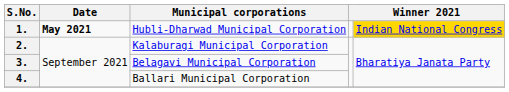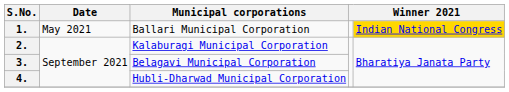 <table class="wikitable sortable">
 <tr>
 <th>S.No.</th>
 <th>Date</th>
 <th>Municipal corporations</th>
 <th colspan="2">Winner 2021</th>
 </tr>
 <tr>
 <th>1.</th>
-<td><strong>May 2021</strong></td>
-<td><a href='#'>Hubli-Dharwad Municipal Corporation</a></td>
+<td>May 2021</td>
+<td>Ballari Municipal Corporation</td>
 <td style="background:"></td>
 <td style="background: gold;"><a href='#'>Indian National Congress</a></td>
 </tr>
 <tr>
 <th>2.</th>
 <td rowspan="3">September 2021</td>
 <td><a href='#'>Kalaburagi Municipal Corporation</a></td>
 <td rowspan="3" style="background:"></td>
 <td rowspan="3"><a href='#'>Bharatiya Janata Party</a></td>
 </tr>
 <tr>
 <th>3.</th>
 <td><a href='#'>Belagavi Municipal Corporation</a></td>
 </tr>
 <tr>
 <th>4.</th>
-<td>Ballari Municipal Corporation</td>
+<td><a href='#'>Hubli-Dharwad Municipal Corporation</a></td>
 </tr>
 <tr>
 </tr>
 </table>
